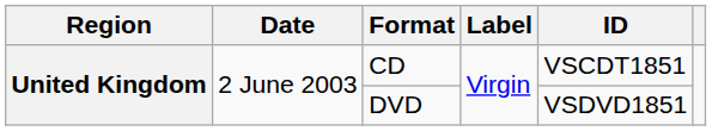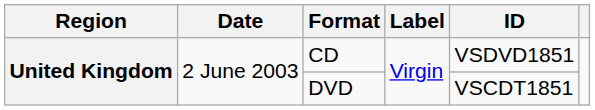 <table class="wikitable plainrowheaders">
 <tr>
 <th scope="col">Region</th>
 <th scope="col">Date</th>
 <th scope="col">Format</th>
 <th scope="col">Label</th>
 <th scope="col">ID</th>
 <th scope="col"></th>
 </tr>
 <tr>
 <th scope="row" rowspan="2">United Kingdom</th>
 <td rowspan="2">2 June 2003</td>
 <td>CD</td>
 <td rowspan="2"><a href='#'>Virgin</a></td>
-<td>VSCDT1851</td>
+<td>VSDVD1851</td>
 <td align="center" rowspan="2"></td>
 </tr>
 <tr>
 <td>DVD</td>
-<td>VSDVD1851</td>
+<td>VSCDT1851</td>
 </tr>
 </table>
